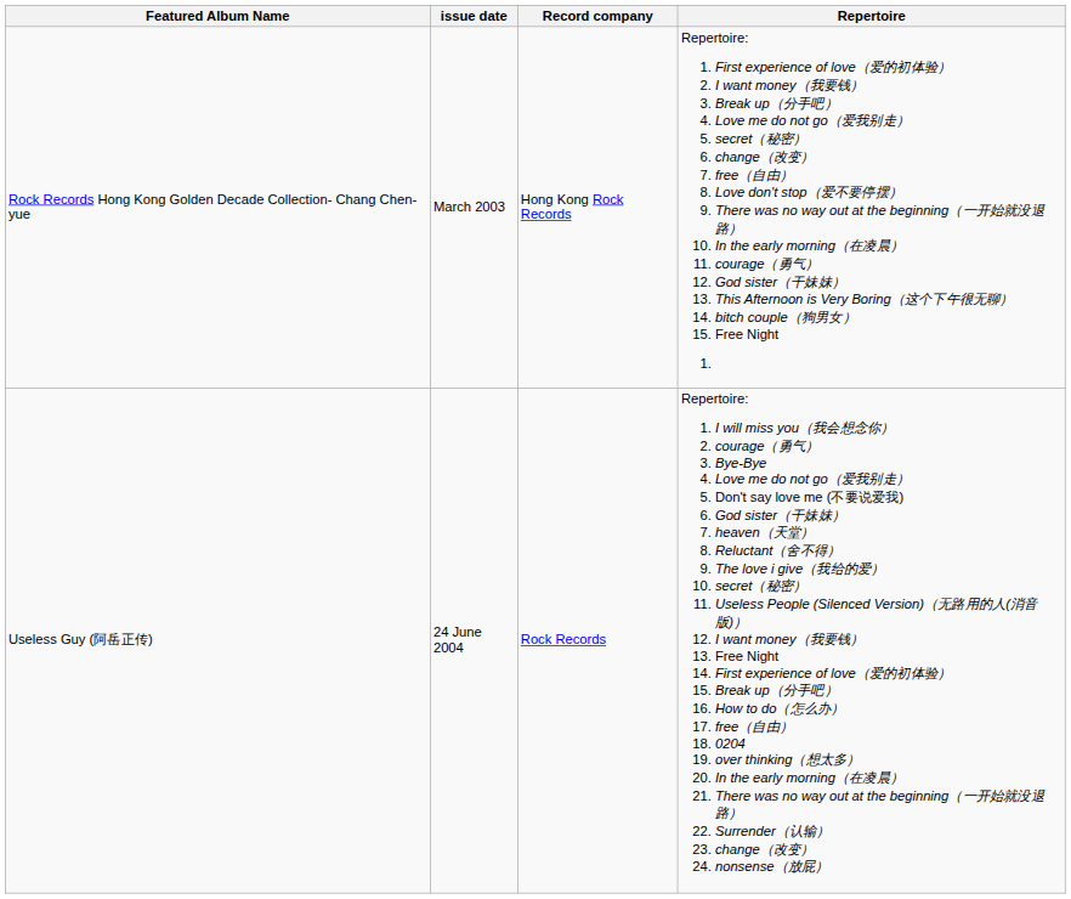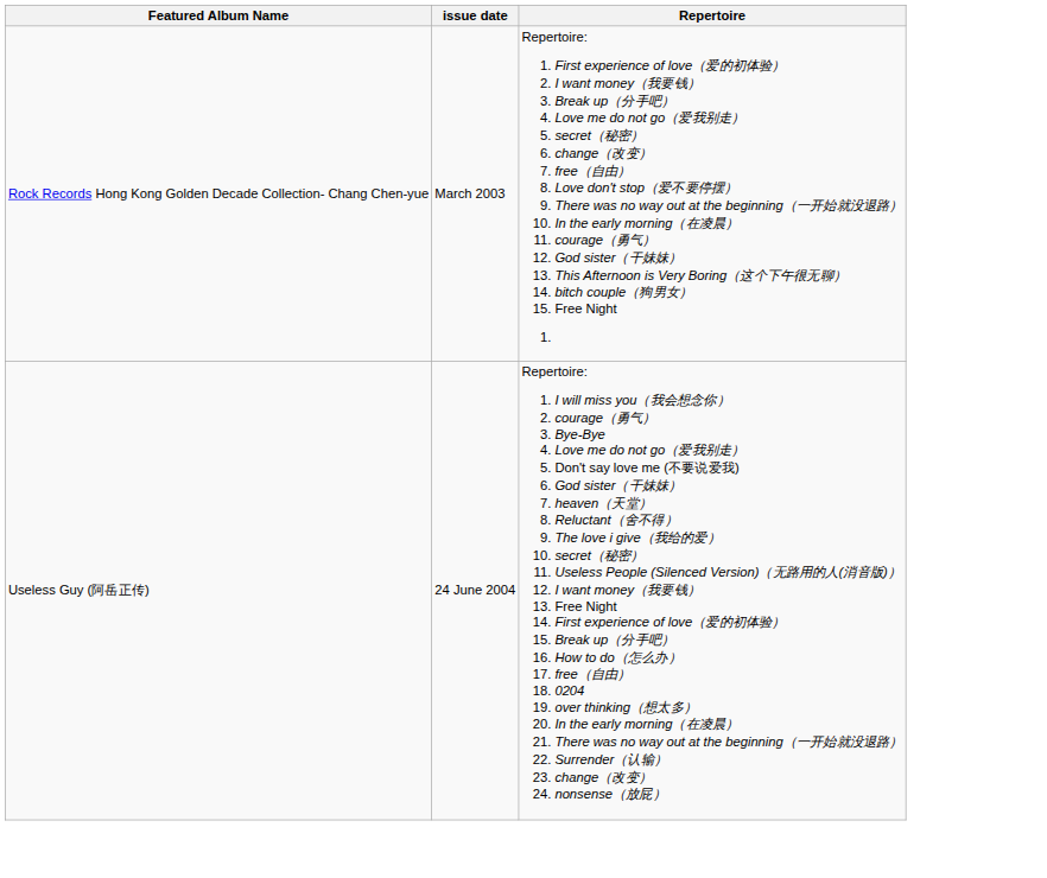 <table class="wikitable">
 <tr>
 <th>Featured Album Name</th>
 <th>issue date</th>
-<th>Record company</th>
 <th>Repertoire</th>
 </tr>
 <tr>
 <td><a href='#'>Rock Records</a> Hong Kong Golden Decade Collection- Chang Chen-yue</td>
 <td>March 2003</td>
-<td>Hong Kong <a href='#'>Rock Records</a></td>
 <td>Repertoire:<br><ol><li><em>First experience of love（爱的初体验）</em></li><li><em>I want money（我要钱）</em></li><li><em>Break up（分手吧）</em></li><li><em>Love me do not go（爱我别走）</em></li><li><em>secret（秘密）</em></li><li><em>change（改变）</em></li><li><em>free（自由）</em></li><li><em>Love don't stop（爱不要停摆）</em></li><li><em>There was no way out at the beginning（一开始就没退路）</em></li><li><em>In the early morning（在凌晨）</em></li><li><em>courage（勇气）</em></li><li><em>God sister（干妹妹）</em></li><li><em>This Afternoon is Very Boring（这个下午很无聊）</em></li><li><em>bitch couple（狗男女）</em></li><li>Free Night</li></ol><ol><li></li></ol></td>
 </tr>
 <tr>
 <td>Useless Guy (阿岳正传)</td>
 <td>24 June 2004</td>
-<td><a href='#'>Rock Records</a></td>
 <td>Repertoire:<br><ol><li><em>I will miss you（我会想念你）</em></li><li><em>courage（勇气）</em></li><li><em>Bye-Bye</em></li><li><em>Love me do not go（爱我别走）</em></li><li>Don't say love me (不要说爱我)</li><li><em>God sister（干妹妹）</em></li><li><em>heaven（天堂）</em></li><li><em>Reluctant（舍不得）</em></li><li><em>The love i give（我给的爱）</em></li><li><em>secret（秘密）</em></li><li><em>Useless People (Silenced Version)（无路用的人(消音版)）</em></li><li><em>I want money（我要钱）</em></li><li>Free Night</li><li><em>First experience of love（爱的初体验）</em></li><li><em>Break up（分手吧）</em></li><li><em>How to do（怎么办）</em></li><li><em>free（自由）</em></li><li><em>0204</em></li><li><em>over thinking（想太多）</em></li><li><em>In the early morning（在凌晨）</em></li><li><em>There was no way out at the beginning（一开始就没退路）</em></li><li><em>Surrender（认输）</em></li><li><em>change（改变）</em></li><li><em>nonsense（放屁）</em></li></ol></td>
 </tr>
 </table>
